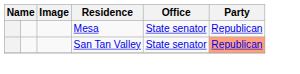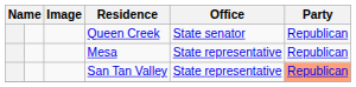 <table class="sortable wikitable">
 <tr valign=bottom>
 <th colspan="2">Name</th>
 <th>Image</th>
 <th>Residence</th>
 <th>Office</th>
 <th>Party</th>
 </tr>
 <tr>
 <th style="background-color:  "></th>
 <td></td>
 <td></td>
-<td><a href='#'>Mesa</a></td>
+<td><a href='#'>Queen Creek</a></td>
 <td><a href='#'>State senator</a></td>
 <td><a href='#'>Republican</a></td>
 </tr>
 <tr>
 <th style="background-color:  "></th>
 <td></td>
 <td></td>
+<td><a href='#'>Mesa</a></td>
+<td><a href='#'>State representative</a></td>
+<td><a href='#'>Republican</a></td>
+</tr>
+<tr>
+<th style="background-color:  "></th>
+<td></td>
+<td></td>
 <td><a href='#'>San Tan Valley</a></td>
-<td><a href='#'>State senator</a></td>
+<td><a href='#'>State representative</a></td>
 <td style="background: lightsalmon;"><a href='#'>Republican</a></td>
 </tr>
 <tr>
 </tr>
 </table>
